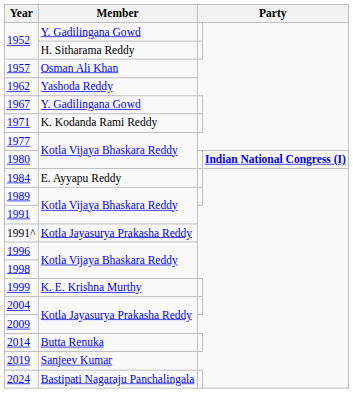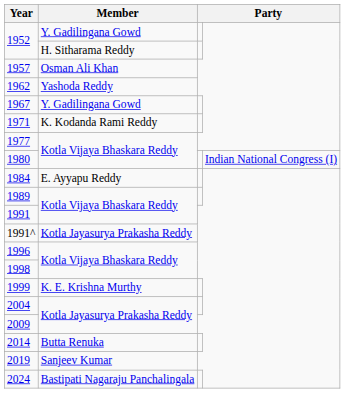 <table class="wikitable sortable">
 <tr>
 <th>Year</th>
 <th>Member</th>
 <th colspan="2">Party</th>
 </tr>
 <tr>
 <td rowspan="2"><a href='#'>1952</a></td>
 <td><a href='#'>Y. Gadilingana Gowd</a></td>
 <td></td>
 </tr>
 <tr>
 <td>H. Sitharama Reddy</td>
 <td></td>
 </tr>
 <tr>
 <td><a href='#'>1957</a></td>
 <td><a href='#'>Osman Ali Khan</a></td>
 </tr>
 <tr>
 <td><a href='#'>1962</a></td>
 <td><a href='#'>Yashoda Reddy</a></td>
 </tr>
 <tr>
 <td><a href='#'>1967</a></td>
 <td><a href='#'>Y. Gadilingana Gowd</a></td>
 <td></td>
 </tr>
 <tr>
 <td><a href='#'>1971</a></td>
 <td>K. Kodanda Rami Reddy</td>
 <td></td>
 </tr>
 <tr>
 <td><a href='#'>1977</a></td>
 <td rowspan="2"><a href='#'>Kotla Vijaya Bhaskara Reddy</a></td>
 </tr>
 <tr>
 <td><a href='#'>1980</a></td>
 <td style="background-color: "></td>
-<td><strong><a href='#'>Indian National Congress (I)</a></strong></td>
+<td><a href='#'>Indian National Congress (I)</a></td>
 </tr>
 <tr>
 <td><a href='#'>1984</a></td>
 <td>E. Ayyapu Reddy</td>
 <td></td>
 </tr>
 <tr>
 <td><a href='#'>1989</a></td>
 <td rowspan="2"><a href='#'>Kotla Vijaya Bhaskara Reddy</a></td>
 <td></td>
 </tr>
 <tr>
 <td><a href='#'>1991</a></td>
 </tr>
 <tr>
 <td>1991^</td>
 <td><a href='#'>Kotla Jayasurya Prakasha Reddy</a></td>
 </tr>
 <tr>
 <td><a href='#'>1996</a></td>
 <td rowspan="2"><a href='#'>Kotla Vijaya Bhaskara Reddy</a></td>
 </tr>
 <tr>
 <td><a href='#'>1998</a></td>
 </tr>
 <tr>
 <td><a href='#'>1999</a></td>
 <td><a href='#'>K. E. Krishna Murthy</a></td>
 <td></td>
 </tr>
 <tr>
 <td><a href='#'>2004</a></td>
 <td rowspan="2"><a href='#'>Kotla Jayasurya Prakasha Reddy</a></td>
 <td></td>
 </tr>
 <tr>
 <td><a href='#'>2009</a></td>
 </tr>
 <tr>
 <td><a href='#'>2014</a></td>
 <td><a href='#'>Butta Renuka</a></td>
 <td></td>
 </tr>
 <tr>
 <td><a href='#'>2019</a></td>
 <td><a href='#'>Sanjeev Kumar</a></td>
 </tr>
 <tr>
 <td><a href='#'>2024</a></td>
 <td><a href='#'>Bastipati Nagaraju Panchalingala</a></td>
 <td></td>
 </tr>
 </table>
